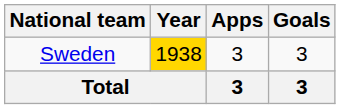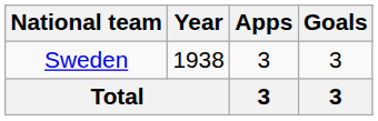 <table class="wikitable" style="text-align:center">
 <tr>
 <th>National team</th>
 <th>Year</th>
 <th>Apps</th>
 <th>Goals</th>
 </tr>
 <tr>
 <td><a href='#'>Sweden</a></td>
-<td style="background: gold;">1938</td>
+<td>1938</td>
 <td>3</td>
 <td>3</td>
 </tr>
 <tr>
 <th colspan="2">Total</th>
 <th>3</th>
 <th>3</th>
 </tr>
 </table>
